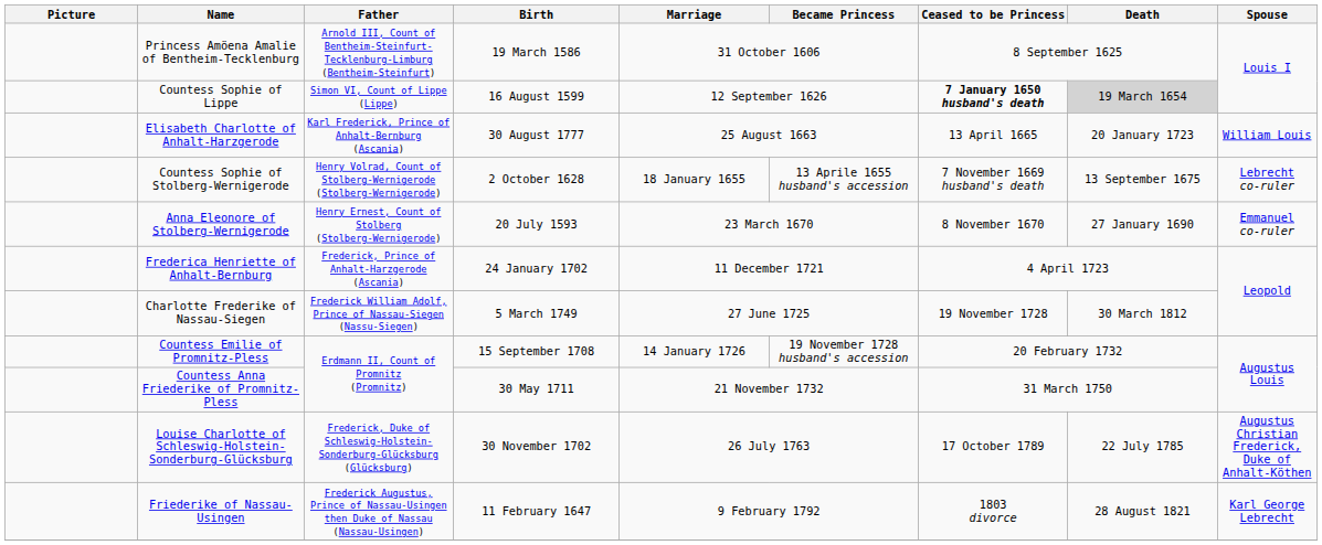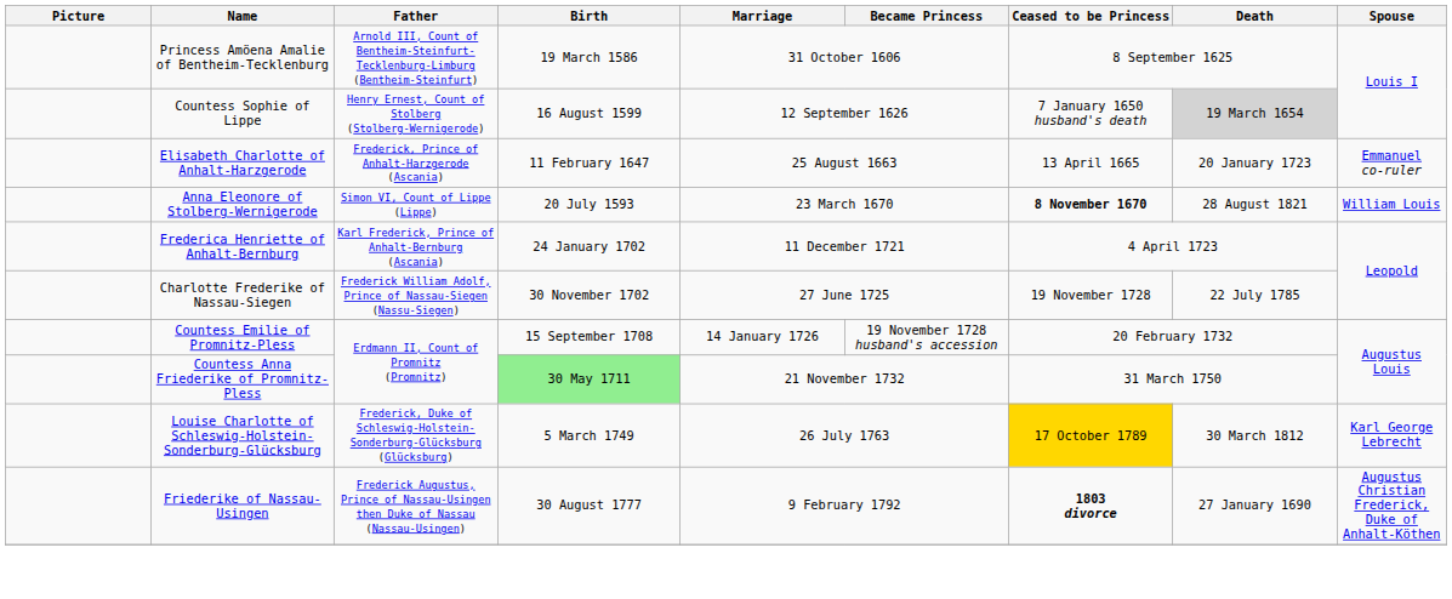 <table width=95% class="wikitable">
 <tr>
 <th width = "8%">Picture</th>
 <th width = "10%">Name</th>
 <th width = "9%">Father</th>
 <th width = "10%">Birth</th>
 <th width = "9%">Marriage</th>
 <th width = "9%">Became Princess</th>
 <th width = "9%">Ceased to be Princess</th>
 <th width = "9%">Death</th>
 <th width = "6%">Spouse</th>
 </tr>
 <tr>
 <td align="center"></td>
 <td align="center">Princess Amöena Amalie of Bentheim-Tecklenburg</td>
 <td align="center"><small><a href='#'>Arnold III, Count of Bentheim-Steinfurt-Tecklenburg-Limburg</a><br>(<a href='#'>Bentheim-Steinfurt</a>)</small></td>
 <td align="center">19 March 1586</td>
 <td align="center" colspan="2">31 October 1606</td>
 <td align="center" colspan="2">8 September 1625</td>
 <td align="center" rowspan="2"><a href='#'>Louis I</a></td>
 </tr>
 <tr>
 <td align="center"></td>
 <td align="center">Countess Sophie of Lippe</td>
-<td align="center"><small><a href='#'>Simon VI, Count of Lippe</a><br>(<a href='#'>Lippe</a>)</small></td>
+<td align="center"><small><a href='#'>Henry Ernest, Count of Stolberg</a><br>(<a href='#'>Stolberg-Wernigerode</a>)</small></td>
 <td align="center">16 August 1599</td>
 <td align="center" colspan="2">12 September 1626</td>
-<td align="center"><strong>7 January 1650<br><em>husband's death</em></strong></td>
+<td align="center">7 January 1650<br><em>husband's death</em></td>
 <td align="center" style="background: lightgrey;">19 March 1654</td>
 </tr>
 <tr>
 <td align="center"></td>
 <td align="center"><a href='#'>Elisabeth Charlotte of Anhalt-Harzgerode</a></td>
-<td align="center"><small><a href='#'>Karl Frederick, Prince of Anhalt-Bernburg</a><br>(<a href='#'>Ascania</a>)</small></td>
-<td align="center">30 August 1777</td>
+<td align="center"><small><a href='#'>Frederick, Prince of Anhalt-Harzgerode</a><br>(<a href='#'>Ascania</a>)</small></td>
+<td align="center">11 February 1647</td>
 <td align="center" colspan="2">25 August 1663</td>
 <td align="center">13 April 1665</td>
 <td align="center">20 January 1723</td>
+<td align="center"><a href='#'>Emmanuel</a><br> <em>co-ruler</em></td>
+</tr>
+<tr>
+<td align="center"></td>
+<td align="center"><a href='#'>Anna Eleonore of Stolberg-Wernigerode</a></td>
+<td align="center"><small><a href='#'>Simon VI, Count of Lippe</a><br>(<a href='#'>Lippe</a>)</small></td>
+<td align="center">20 July 1593</td>
+<td align="center" colspan="2">23 March 1670</td>
+<td align="center"><strong>8 November 1670</strong></td>
+<td align="center">28 August 1821</td>
 <td align="center"><a href='#'>William Louis</a></td>
 </tr>
 <tr>
 <td align="center"></td>
-<td align="center">Countess Sophie of Stolberg-Wernigerode</td>
-<td align="center"><small><a href='#'>Henry Volrad, Count of Stolberg-Wernigerode</a><br>(<a href='#'>Stolberg-Wernigerode</a>)</small></td>
-<td align="center">2 October 1628</td>
-<td align="center">18 January 1655</td>
-<td align="center">13 Aprile 1655<br><em>husband's accession</em></td>
-<td align="center">7 November 1669<br><em>husband's death</em></td>
-<td align="center">13 September 1675</td>
-<td align="center"><a href='#'>Lebrecht</a><br> <em>co-ruler</em></td>
-</tr>
-<tr>
-<td align="center"></td>
-<td align="center"><a href='#'>Anna Eleonore of Stolberg-Wernigerode</a></td>
-<td align="center"><small><a href='#'>Henry Ernest, Count of Stolberg</a><br>(<a href='#'>Stolberg-Wernigerode</a>)</small></td>
-<td align="center">20 July 1593</td>
-<td align="center" colspan="2">23 March 1670</td>
-<td align="center">8 November 1670</td>
-<td align="center">27 January 1690</td>
-<td align="center"><a href='#'>Emmanuel</a><br> <em>co-ruler</em></td>
-</tr>
-<tr>
-<td align="center"></td>
 <td align="center"><a href='#'>Frederica Henriette of Anhalt-Bernburg</a></td>
-<td align="center"><small><a href='#'>Frederick, Prince of Anhalt-Harzgerode</a><br>(<a href='#'>Ascania</a>)</small></td>
+<td align="center"><small><a href='#'>Karl Frederick, Prince of Anhalt-Bernburg</a><br>(<a href='#'>Ascania</a>)</small></td>
 <td align="center">24 January 1702</td>
 <td align="center" colspan="2">11 December 1721</td>
 <td align="center" colspan="2">4 April 1723</td>
 <td align="center" rowspan="2"><a href='#'>Leopold</a></td>
 </tr>
 <tr>
 <td align="center"></td>
 <td align="center">Charlotte Frederike of Nassau-Siegen</td>
 <td align="center"><small><a href='#'>Frederick William Adolf, Prince of Nassau-Siegen</a><br>(<a href='#'>Nassu-Siegen</a>)</small></td>
-<td align="center">5 March 1749</td>
+<td align="center">30 November 1702</td>
 <td align="center" colspan="2">27 June 1725</td>
 <td align="center">19 November 1728</td>
-<td align="center">30 March 1812</td>
+<td align="center">22 July 1785</td>
 </tr>
 <tr>
 <td align="center"></td>
 <td align="center"><a href='#'>Countess Emilie of Promnitz-Pless</a></td>
 <td align="center" rowspan="2"><small><a href='#'>Erdmann II, Count of Promnitz</a><br>(<a href='#'>Promnitz</a>)</small></td>
 <td align="center">15 September 1708</td>
 <td align="center">14 January 1726</td>
 <td align="center">19 November 1728<br><em>husband's accession</em></td>
 <td align="center" colspan="2">20 February 1732</td>
 <td align="center" rowspan="2"><a href='#'>Augustus Louis</a></td>
 </tr>
 <tr>
 <td align="center"></td>
 <td align="center"><a href='#'>Countess Anna Friederike of Promnitz-Pless</a></td>
-<td align="center">30 May 1711</td>
+<td align="center" style="background: lightgreen;">30 May 1711</td>
 <td align="center" colspan="2">21 November 1732</td>
 <td align="center" colspan="2">31 March 1750</td>
 </tr>
 <tr>
 <td align="center"></td>
 <td align="center"><a href='#'>Louise Charlotte of Schleswig-Holstein-Sonderburg-Glücksburg</a></td>
 <td align="center"><small><a href='#'>Frederick, Duke of Schleswig-Holstein-Sonderburg-Glücksburg</a><br>(<a href='#'>Glücksburg</a>)</small></td>
-<td align="center">30 November 1702</td>
+<td align="center">5 March 1749</td>
 <td align="center" colspan="2">26 July 1763</td>
-<td align="center">17 October 1789</td>
-<td align="center">22 July 1785</td>
-<td align="center"><a href='#'>Augustus Christian Frederick, Duke of Anhalt-Köthen</a></td>
+<td align="center" style="background: gold;">17 October 1789</td>
+<td align="center">30 March 1812</td>
+<td align="center"><a href='#'>Karl George Lebrecht</a></td>
 </tr>
 <tr>
 <td align="center"></td>
 <td align="center"><a href='#'>Friederike of Nassau-Usingen</a></td>
 <td align="center"><small><a href='#'>Frederick Augustus, Prince of Nassau-Usingen then Duke of Nassau</a><br>(<a href='#'>Nassau-Usingen</a>)</small></td>
-<td align="center">11 February 1647</td>
+<td align="center">30 August 1777</td>
 <td align="center" colspan="2">9 February 1792</td>
-<td align="center">1803 <br> <em>divorce</em></td>
-<td align="center">28 August 1821</td>
-<td align="center"><a href='#'>Karl George Lebrecht</a></td>
+<td align="center"><strong>1803 <br> <em>divorce</em></strong></td>
+<td align="center">27 January 1690</td>
+<td align="center"><a href='#'>Augustus Christian Frederick, Duke of Anhalt-Köthen</a></td>
 </tr>
 <tr>
 </tr>
 </table>
